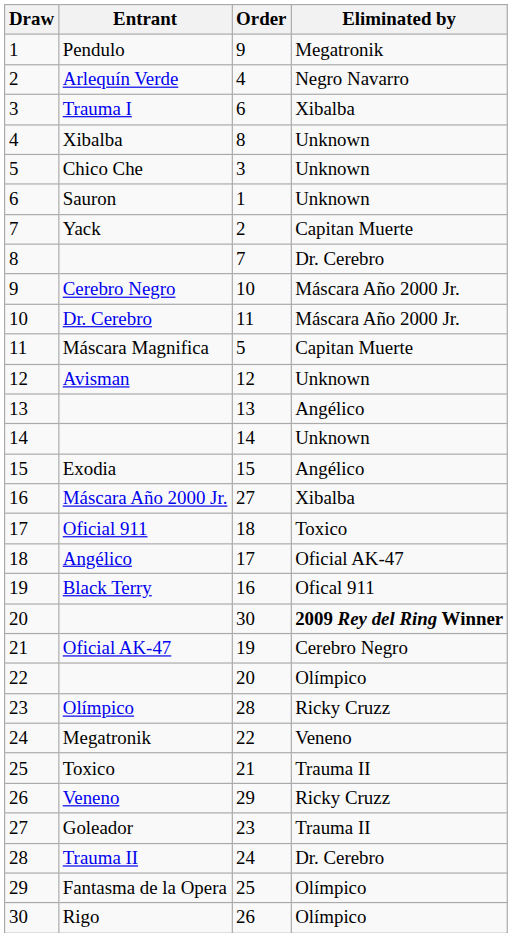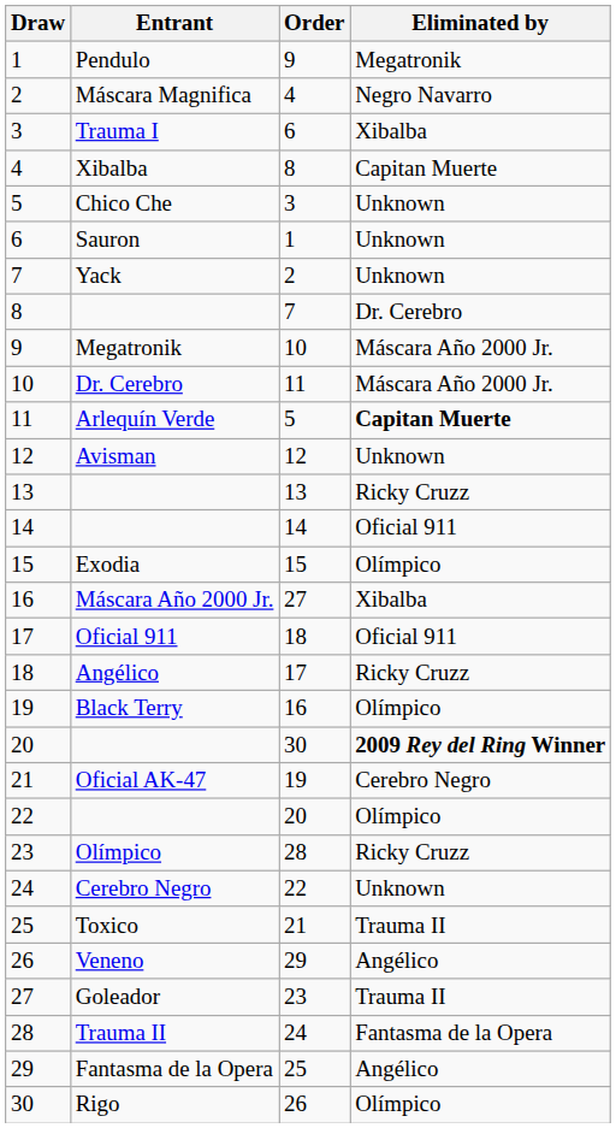 <table class="wikitable sortable">
 <tr>
 <th data-sort-type="number" scope="col">Draw</th>
 <th scope="col">Entrant</th>
 <th data-sort-type="number" scope="col">Order</th>
 <th scope="col">Eliminated by</th>
 </tr>
 <tr>
 <td>1</td>
 <td>Pendulo</td>
 <td>9</td>
 <td>Megatronik</td>
 </tr>
 <tr>
 <td>2</td>
-<td><a href='#'>Arlequín Verde</a></td>
+<td>Máscara Magnifica</td>
 <td>4</td>
 <td>Negro Navarro</td>
 </tr>
 <tr>
 <td>3</td>
 <td><a href='#'>Trauma I</a></td>
 <td>6</td>
 <td>Xibalba</td>
 </tr>
 <tr>
 <td>4</td>
 <td>Xibalba</td>
 <td>8</td>
-<td>Unknown</td>
+<td>Capitan Muerte</td>
 </tr>
 <tr>
 <td>5</td>
 <td>Chico Che</td>
 <td>3</td>
 <td>Unknown</td>
 </tr>
 <tr>
 <td>6</td>
 <td>Sauron</td>
 <td>1</td>
 <td>Unknown</td>
 </tr>
 <tr>
 <td>7</td>
 <td>Yack</td>
 <td>2</td>
-<td>Capitan Muerte</td>
+<td>Unknown</td>
 </tr>
 <tr>
 <td>8</td>
 <td></td>
 <td>7</td>
 <td>Dr. Cerebro</td>
 </tr>
 <tr>
 <td>9</td>
-<td><a href='#'>Cerebro Negro</a></td>
+<td>Megatronik</td>
 <td>10</td>
 <td>Máscara Año 2000 Jr.</td>
 </tr>
 <tr>
 <td>10</td>
 <td><a href='#'>Dr. Cerebro</a></td>
 <td>11</td>
 <td>Máscara Año 2000 Jr.</td>
 </tr>
 <tr>
 <td>11</td>
-<td>Máscara Magnifica</td>
+<td><a href='#'>Arlequín Verde</a></td>
 <td>5</td>
-<td>Capitan Muerte</td>
+<td><strong>Capitan Muerte</strong></td>
 </tr>
 <tr>
 <td>12</td>
 <td><a href='#'>Avisman</a></td>
 <td>12</td>
 <td>Unknown</td>
 </tr>
 <tr>
 <td>13</td>
 <td></td>
 <td>13</td>
-<td>Angélico</td>
+<td>Ricky Cruzz</td>
 </tr>
 <tr>
 <td>14</td>
 <td></td>
 <td>14</td>
-<td>Unknown</td>
+<td>Oficial 911</td>
 </tr>
 <tr>
 <td>15</td>
 <td>Exodia</td>
 <td>15</td>
-<td>Angélico</td>
+<td>Olímpico</td>
 </tr>
 <tr>
 <td>16</td>
 <td><a href='#'>Máscara Año 2000 Jr.</a></td>
 <td>27</td>
 <td>Xibalba</td>
 </tr>
 <tr>
 <td>17</td>
 <td><a href='#'>Oficial 911</a></td>
 <td>18</td>
-<td>Toxico</td>
+<td>Oficial 911</td>
 </tr>
 <tr>
 <td>18</td>
 <td><a href='#'>Angélico</a></td>
 <td>17</td>
-<td>Oficial AK-47</td>
+<td>Ricky Cruzz</td>
 </tr>
 <tr>
 <td>19</td>
 <td><a href='#'>Black Terry</a></td>
 <td>16</td>
-<td>Ofical 911</td>
+<td>Olímpico</td>
 </tr>
 <tr>
 <td>20</td>
 <td></td>
 <td>30</td>
 <td><strong>2009 <em>Rey del Ring</em> Winner</strong></td>
 </tr>
 <tr>
 <td>21</td>
 <td><a href='#'>Oficial AK-47</a></td>
 <td>19</td>
 <td>Cerebro Negro</td>
 </tr>
 <tr>
 <td>22</td>
 <td></td>
 <td>20</td>
 <td>Olímpico</td>
 </tr>
 <tr>
 <td>23</td>
 <td><a href='#'>Olímpico</a></td>
 <td>28</td>
 <td>Ricky Cruzz</td>
 </tr>
 <tr>
 <td>24</td>
-<td>Megatronik</td>
+<td><a href='#'>Cerebro Negro</a></td>
 <td>22</td>
-<td>Veneno</td>
+<td>Unknown</td>
 </tr>
 <tr>
 <td>25</td>
 <td>Toxico</td>
 <td>21</td>
 <td>Trauma II</td>
 </tr>
 <tr>
 <td>26</td>
 <td><a href='#'>Veneno</a></td>
 <td>29</td>
-<td>Ricky Cruzz</td>
+<td>Angélico</td>
 </tr>
 <tr>
 <td>27</td>
 <td>Goleador</td>
 <td>23</td>
 <td>Trauma II</td>
 </tr>
 <tr>
 <td>28</td>
 <td><a href='#'>Trauma II</a></td>
 <td>24</td>
-<td>Dr. Cerebro</td>
+<td>Fantasma de la Opera</td>
 </tr>
 <tr>
 <td>29</td>
 <td>Fantasma de la Opera</td>
 <td>25</td>
-<td>Olímpico</td>
+<td>Angélico</td>
 </tr>
 <tr>
 <td>30</td>
 <td>Rigo</td>
 <td>26</td>
 <td>Olímpico</td>
 </tr>
 </table>
